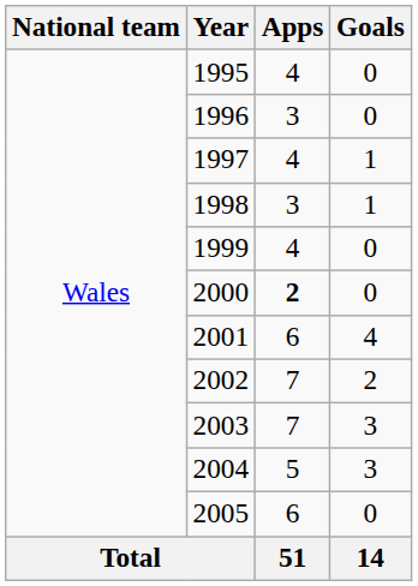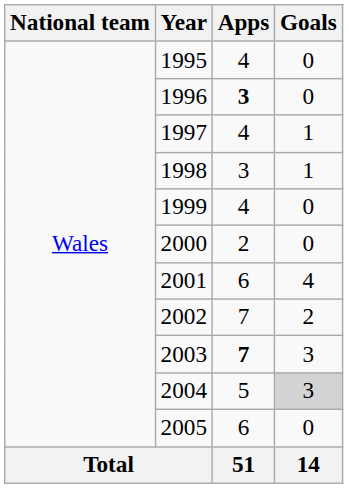 <table class="wikitable" style="text-align:center">
 <tr>
 <th>National team</th>
 <th>Year</th>
 <th>Apps</th>
 <th>Goals</th>
 </tr>
 <tr>
 <td rowspan="11"><a href='#'>Wales</a></td>
 <td>1995</td>
 <td>4</td>
 <td>0</td>
 </tr>
 <tr>
 <td>1996</td>
-<td>3</td>
+<td><strong>3</strong></td>
 <td>0</td>
 </tr>
 <tr>
 <td>1997</td>
 <td>4</td>
 <td>1</td>
 </tr>
 <tr>
 <td>1998</td>
 <td>3</td>
 <td>1</td>
 </tr>
 <tr>
 <td>1999</td>
 <td>4</td>
 <td>0</td>
 </tr>
 <tr>
 <td>2000</td>
-<td><strong>2</strong></td>
+<td>2</td>
 <td>0</td>
 </tr>
 <tr>
 <td>2001</td>
 <td>6</td>
 <td>4</td>
 </tr>
 <tr>
 <td>2002</td>
 <td>7</td>
 <td>2</td>
 </tr>
 <tr>
 <td>2003</td>
-<td>7</td>
+<td><strong>7</strong></td>
 <td>3</td>
 </tr>
 <tr>
 <td>2004</td>
 <td>5</td>
-<td>3</td>
+<td style="background: lightgrey;">3</td>
 </tr>
 <tr>
 <td>2005</td>
 <td>6</td>
 <td>0</td>
 </tr>
 <tr>
 <th colspan="2">Total</th>
 <th>51</th>
 <th>14</th>
 </tr>
 </table>
